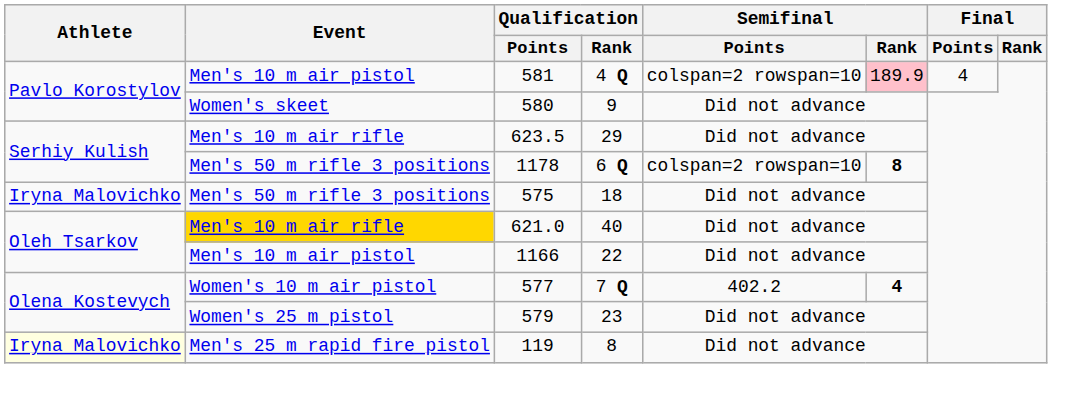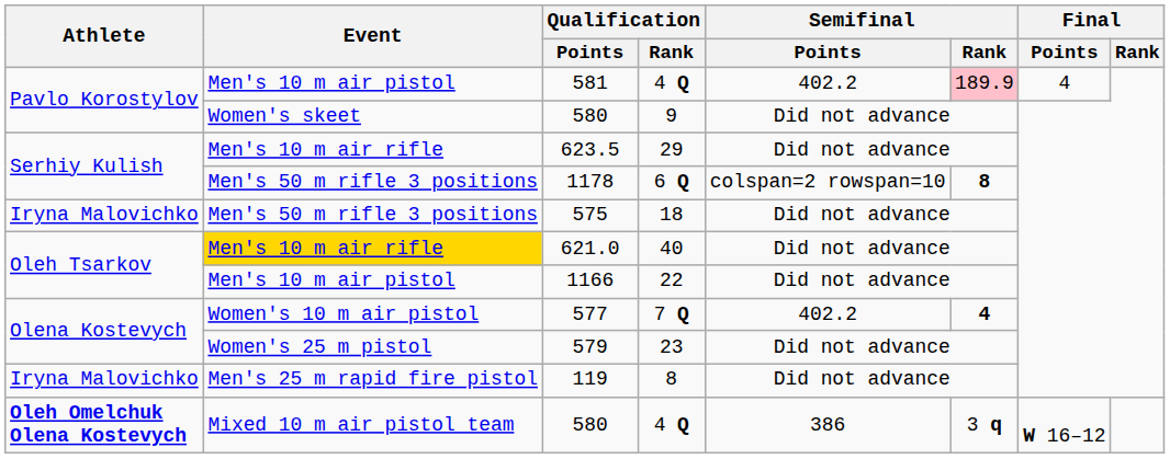 <table class="wikitable" style="font-size:90%">
 <tr>
 <th rowspan="2">Athlete</th>
 <th rowspan="2">Event</th>
 <th colspan=2>Qualification</th>
 <th colspan=2>Semifinal</th>
 <th colspan=2>Final</th>
 </tr>
 <tr style="font-size:95%">
 <th>Points</th>
 <th>Rank</th>
 <th>Points</th>
 <th>Rank</th>
 <th>Points</th>
 <th>Rank</th>
 </tr>
 <tr align=center>
 <td align=left rowspan=2><a href='#'>Pavlo Korostylov</a></td>
 <td align=left><a href='#'>Men's 10 m air pistol</a></td>
 <td>581</td>
 <td>4 <strong>Q</strong></td>
-<td>colspan=2 rowspan=10 </td>
+<td>402.2</td>
 <td style="background: pink;">189.9</td>
 <td>4</td>
 </tr>
 <tr align=center>
 <td align=left><a href='#'>Women's skeet</a></td>
 <td>580</td>
 <td>9</td>
 <td colspan="2">Did not advance</td>
 </tr>
 <tr align=center>
 <td align=left rowspan=2><a href='#'>Serhiy Kulish</a></td>
 <td align=left><a href='#'>Men's 10 m air rifle</a></td>
 <td>623.5</td>
 <td>29</td>
 <td colspan="2">Did not advance</td>
 </tr>
 <tr align=center>
 <td align=left><a href='#'>Men's 50 m rifle 3 positions</a></td>
 <td>1178</td>
 <td>6 <strong>Q</strong></td>
 <td>colspan=2 rowspan=10 </td>
 <td><strong>8</strong></td>
 </tr>
 <tr align=center>
 <td align=left><a href='#'>Iryna Malovichko</a></td>
 <td align=left><a href='#'>Men's 50 m rifle 3 positions</a></td>
 <td>575</td>
 <td>18</td>
 <td colspan=2>Did not advance</td>
 </tr>
 <tr align=center>
 <td align=left rowspan=2><a href='#'>Oleh Tsarkov</a></td>
 <td align=left style="background: gold;"><a href='#'>Men's 10 m air rifle</a></td>
 <td>621.0</td>
 <td>40</td>
 <td colspan="2">Did not advance</td>
 </tr>
 <tr align=center>
 <td align=left><a href='#'>Men's 10 m air pistol</a></td>
 <td>1166</td>
 <td>22</td>
 <td colspan=2>Did not advance</td>
 </tr>
 <tr align=center>
 <td align=left rowspan=2><a href='#'>Olena Kostevych</a></td>
 <td align=left><a href='#'>Women's 10 m air pistol</a></td>
 <td>577</td>
 <td>7 <strong>Q</strong></td>
 <td>402.2</td>
 <td><strong>4</strong></td>
 </tr>
 <tr align=center>
 <td align=left><a href='#'>Women's 25 m pistol</a></td>
 <td>579</td>
 <td>23</td>
 <td colspan="2">Did not advance</td>
 </tr>
 <tr align=center>
-<td align=left style="background: lightyellow;"><a href='#'>Iryna Malovichko</a></td>
+<td align=left><a href='#'>Iryna Malovichko</a></td>
 <td align=left><a href='#'>Men's 25 m rapid fire pistol</a></td>
 <td>119</td>
 <td>8</td>
 <td colspan=2>Did not advance</td>
 </tr>
+<tr align=center>
+<td align=left><strong><a href='#'>Oleh Omelchuk</a><br><a href='#'>Olena Kostevych</a></strong></td>
+<td align=left><a href='#'>Mixed 10 m air pistol team</a></td>
+<td>580</td>
+<td>4 <strong>Q</strong></td>
+<td>386</td>
+<td>3 <strong>q</strong></td>
+<td><br><strong>W</strong> 16–12</td>
+<td></td>
+</tr>
 </table>
